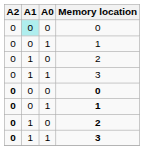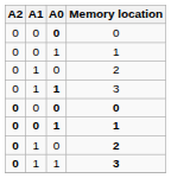 <table class="wikitable" style="text-align:center">
 <tr>
 <th>A2</th>
 <th>A1</th>
 <th>A0</th>
 <th>Memory location</th>
 </tr>
 <tr>
 <td>0</td>
-<td style="background: paleturquoise;">0</td>
 <td>0</td>
+<td><strong>0</strong></td>
 <td>0</td>
 </tr>
 <tr>
 <td>0</td>
 <td>0</td>
 <td>1</td>
 <td>1</td>
 </tr>
 <tr>
 <td>0</td>
 <td>1</td>
 <td>0</td>
 <td>2</td>
 </tr>
 <tr>
 <td>0</td>
 <td>1</td>
-<td>1</td>
+<td><strong>1</strong></td>
 <td>3</td>
 </tr>
 <tr>
 <td><span><strong>0</strong></span></td>
 <td>0</td>
-<td>0</td>
+<td><strong>0</strong></td>
 <td><span><strong>0</strong></span></td>
 </tr>
 <tr>
 <td><span><strong>0</strong></span></td>
-<td>0</td>
-<td>1</td>
+<td><strong>0</strong></td>
+<td><strong>1</strong></td>
 <td><span><strong>1</strong></span></td>
 </tr>
 <tr>
 <td><span><strong>0</strong></span></td>
 <td>1</td>
 <td>0</td>
 <td><span><strong>2</strong></span></td>
 </tr>
 <tr>
 <td><span><strong>0</strong></span></td>
 <td>1</td>
 <td>1</td>
 <td><span><strong>3</strong></span></td>
 </tr>
 <tr>
 </tr>
 </table>
